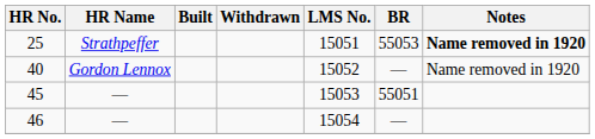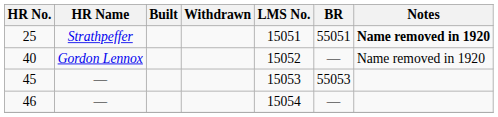 <table class="wikitable sortable" style=text-align:center>
 <tr>
 <th>HR No.</th>
 <th>HR Name</th>
 <th>Built</th>
 <th>Withdrawn</th>
 <th>LMS No.</th>
 <th>BR</th>
 <th>Notes</th>
 </tr>
 <tr>
 <td>25</td>
 <td><em><a href='#'>Strathpeffer</a></em></td>
 <td></td>
 <td></td>
 <td>15051</td>
-<td>55053</td>
+<td>55051</td>
 <td align=left><strong>Name removed in 1920</strong></td>
 </tr>
 <tr>
 <td>40</td>
 <td><em><a href='#'>Gordon Lennox</a></em></td>
 <td></td>
 <td></td>
 <td>15052</td>
 <td>—</td>
 <td align=left>Name removed in 1920</td>
 </tr>
 <tr>
 <td>45</td>
 <td>—</td>
 <td></td>
 <td></td>
 <td>15053</td>
-<td>55051</td>
+<td>55053</td>
 <td align=left></td>
 </tr>
 <tr>
 <td>46</td>
 <td>—</td>
 <td></td>
 <td></td>
 <td>15054</td>
 <td>—</td>
 <td align=left></td>
 </tr>
 <tr>
 </tr>
 </table>
